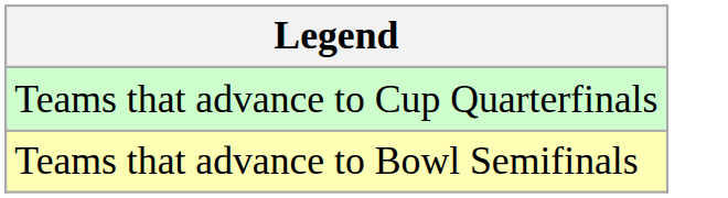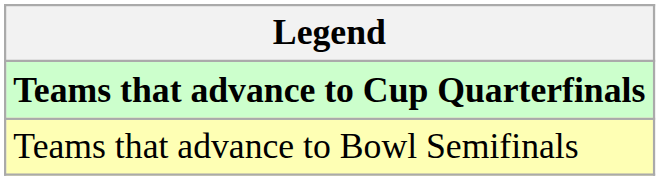 <table class="wikitable" style="text-align: center;">
 <tr>
 <th colspan=2>Legend</th>
 </tr>
 <tr bgcolor=ccffcc>
-<td align=left>Teams that advance to Cup Quarterfinals</td>
+<td align=left><strong>Teams that advance to Cup Quarterfinals</strong></td>
 </tr>
 <tr bgcolor=feffb4>
 <td align=left>Teams that advance to Bowl Semifinals</td>
 </tr>
 </table>
